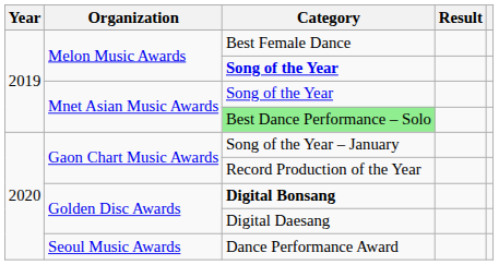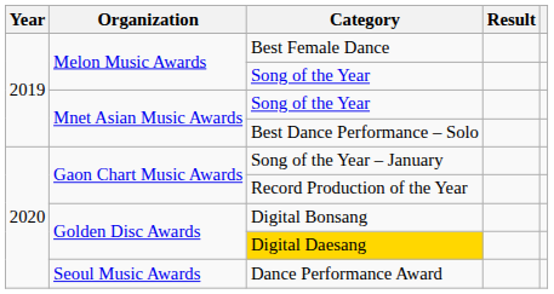 <table class="wikitable sortable">
 <tr>
 <th>Year</th>
 <th>Organization</th>
 <th>Category</th>
 <th>Result</th>
 <th class=unsortable></th>
 </tr>
 <tr>
 <td rowspan="4">2019</td>
 <td rowspan="2"><a href='#'>Melon Music Awards</a></td>
 <td>Best Female Dance</td>
 <td></td>
 <td align="center"></td>
 </tr>
 <tr>
-<td><strong><a href='#'>Song of the Year</a></strong></td>
+<td><a href='#'>Song of the Year</a></td>
 <td></td>
 <td align="center"></td>
 </tr>
 <tr>
 <td rowspan="2"><a href='#'>Mnet Asian Music Awards</a></td>
 <td><a href='#'>Song of the Year</a></td>
 <td></td>
 <td align="center"></td>
 </tr>
 <tr>
-<td style="background: lightgreen;">Best Dance Performance – Solo</td>
+<td>Best Dance Performance – Solo</td>
 <td></td>
 <td align="center"></td>
 </tr>
 <tr>
 <td rowspan="5">2020</td>
 <td rowspan="2"><a href='#'>Gaon Chart Music Awards</a></td>
 <td>Song of the Year – January</td>
 <td></td>
 <td align="center"></td>
 </tr>
 <tr>
 <td>Record Production of the Year</td>
 <td></td>
 <td align="center"></td>
 </tr>
 <tr>
 <td rowspan="2"><a href='#'>Golden Disc Awards</a></td>
-<td><strong>Digital Bonsang</strong></td>
+<td>Digital Bonsang</td>
 <td></td>
 <td align="center"></td>
 </tr>
 <tr>
-<td>Digital Daesang</td>
+<td style="background: gold;">Digital Daesang</td>
 <td></td>
 <td align="center"></td>
 </tr>
 <tr>
 <td><a href='#'>Seoul Music Awards</a></td>
 <td>Dance Performance Award</td>
 <td></td>
 <td align="center"></td>
 </tr>
 </table>
